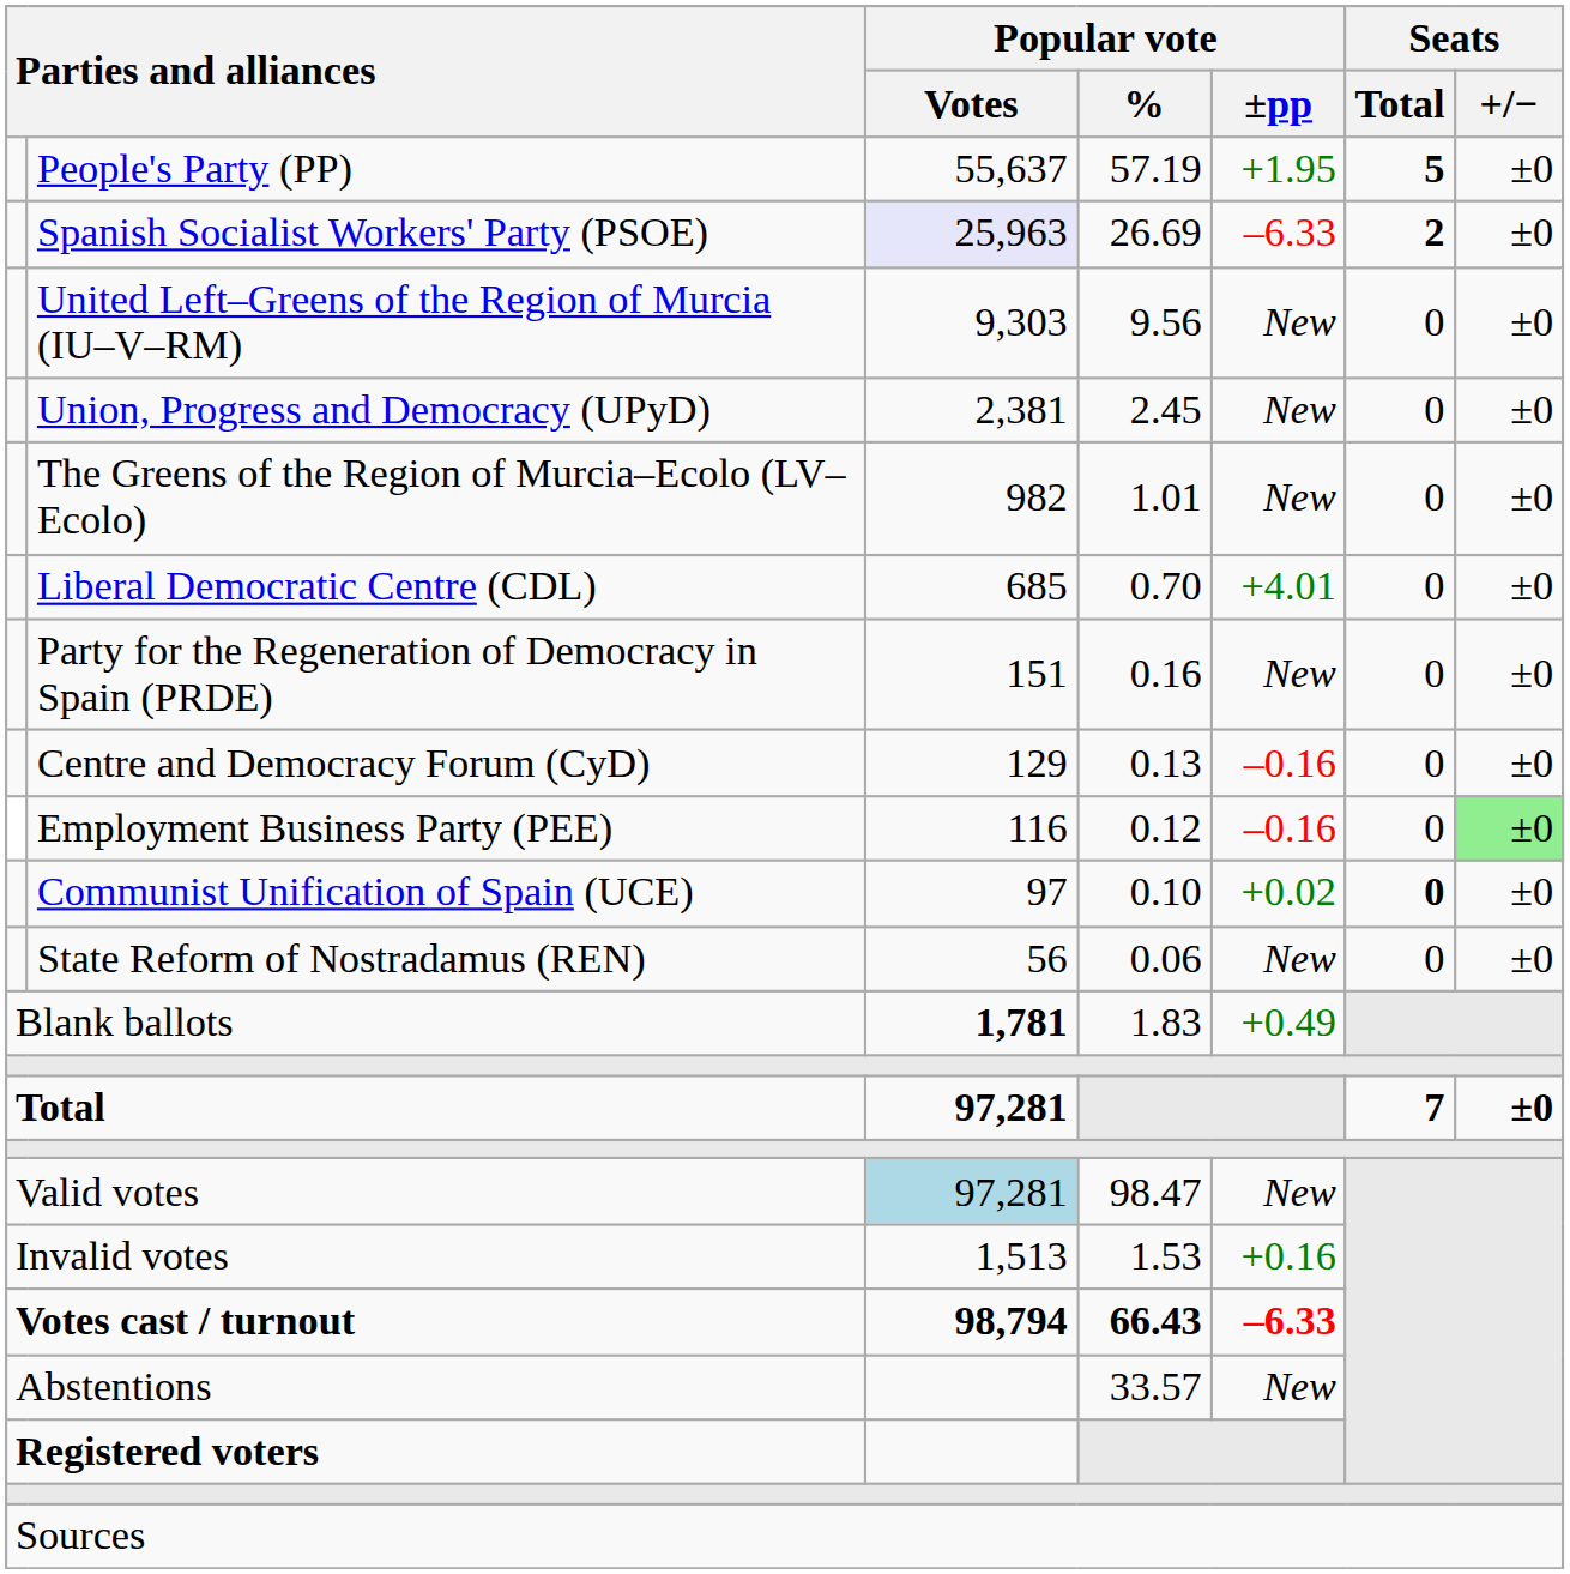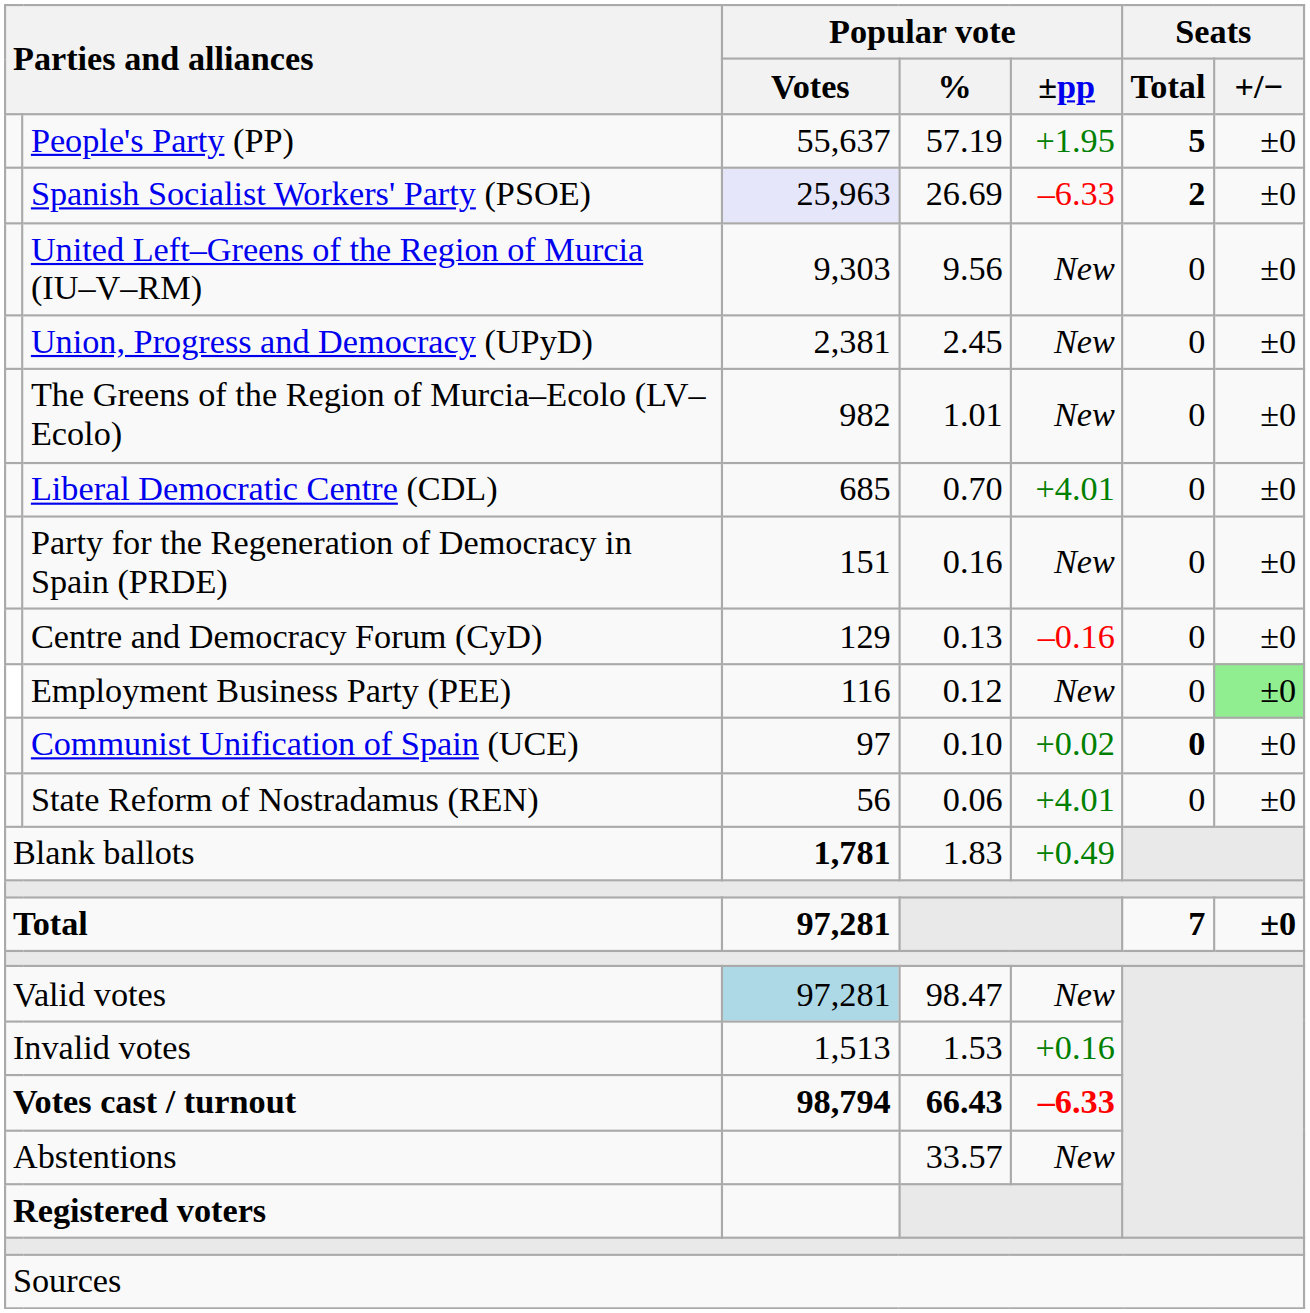 <table class="wikitable" style="text-align:right;">
 <tr>
 <th style="text-align:left;" rowspan="2" colspan="2" width="525">Parties and alliances</th>
 <th colspan="3">Popular vote</th>
 <th colspan="2">Seats</th>
 </tr>
 <tr>
 <th width="75">Votes</th>
 <th width="45">%</th>
 <th width="45">±<a href='#'>pp</a></th>
 <th width="35">Total</th>
 <th width="35">+/−</th>
 </tr>
 <tr>
 <td width="1" style="color:inherit;background:"></td>
 <td align="left"><a href='#'>People's Party</a> (PP)</td>
 <td>55,637</td>
 <td>57.19</td>
 <td style="color:green;">+1.95</td>
 <td><strong>5</strong></td>
 <td>±0</td>
 </tr>
 <tr>
 <td style="color:inherit;background:"></td>
 <td align="left"><a href='#'>Spanish Socialist Workers' Party</a> (PSOE)</td>
 <td style="background: lavender;">25,963</td>
 <td>26.69</td>
 <td style="color:red;">–6.33</td>
 <td><strong>2</strong></td>
 <td>±0</td>
 </tr>
 <tr>
 <td style="color:inherit;background:"></td>
 <td align="left"><a href='#'>United Left–Greens of the Region of Murcia</a> (IU–V–RM)</td>
 <td>9,303</td>
 <td>9.56</td>
 <td><em>New</em></td>
 <td>0</td>
 <td>±0</td>
 </tr>
 <tr>
 <td style="color:inherit;background:"></td>
 <td align="left"><a href='#'>Union, Progress and Democracy</a> (UPyD)</td>
 <td>2,381</td>
 <td>2.45</td>
 <td><em>New</em></td>
 <td>0</td>
 <td>±0</td>
 </tr>
 <tr>
 <td style="color:inherit;background:"></td>
 <td align="left">The Greens of the Region of Murcia–Ecolo (LV–Ecolo)</td>
 <td>982</td>
 <td>1.01</td>
 <td><em>New</em></td>
 <td>0</td>
 <td>±0</td>
 </tr>
 <tr>
 <td style="color:inherit;background:"></td>
 <td align="left"><a href='#'>Liberal Democratic Centre</a> (CDL)</td>
 <td>685</td>
 <td>0.70</td>
 <td style="color:green;">+4.01</td>
 <td>0</td>
 <td>±0</td>
 </tr>
 <tr>
 <td style="color:inherit;background:"></td>
 <td align="left">Party for the Regeneration of Democracy in Spain (PRDE)</td>
 <td>151</td>
 <td>0.16</td>
 <td><em>New</em></td>
 <td>0</td>
 <td>±0</td>
 </tr>
 <tr>
 <td style="color:inherit;background:"></td>
 <td align="left">Centre and Democracy Forum (CyD)</td>
 <td>129</td>
 <td>0.13</td>
 <td style="color:red;">–0.16</td>
 <td>0</td>
 <td>±0</td>
 </tr>
 <tr>
 <td bgcolor="white"></td>
 <td align="left">Employment Business Party (PEE)</td>
 <td>116</td>
 <td>0.12</td>
-<td style="color:red;">–0.16</td>
+<td><em>New</em></td>
 <td>0</td>
 <td style="background: lightgreen;">±0</td>
 </tr>
 <tr>
 <td style="color:inherit;background:"></td>
 <td align="left"><a href='#'>Communist Unification of Spain</a> (UCE)</td>
 <td>97</td>
 <td>0.10</td>
 <td style="color:green;">+0.02</td>
 <td><strong>0</strong></td>
 <td>±0</td>
 </tr>
 <tr>
 <td style="color:inherit;background:"></td>
 <td align="left">State Reform of Nostradamus (REN)</td>
 <td>56</td>
 <td>0.06</td>
-<td><em>New</em></td>
+<td style="color:green;">+4.01</td>
 <td>0</td>
 <td>±0</td>
 </tr>
 <tr>
 <td align="left" colspan="2">Blank ballots</td>
 <td><strong>1,781</strong></td>
 <td>1.83</td>
 <td style="color:green;">+0.49</td>
 <td bgcolor="#E9E9E9" colspan="2"></td>
 </tr>
 <tr>
 <td colspan="7" bgcolor="#E9E9E9"></td>
 </tr>
 <tr style="font-weight:bold;">
 <td align="left" colspan="2">Total</td>
 <td>97,281</td>
 <td bgcolor="#E9E9E9" colspan="2"></td>
 <td>7</td>
 <td>±0</td>
 </tr>
 <tr>
 <td colspan="7" bgcolor="#E9E9E9"></td>
 </tr>
 <tr>
 <td align="left" colspan="2">Valid votes</td>
 <td style="background: lightblue;">97,281</td>
 <td>98.47</td>
 <td><em>New</em></td>
 <td bgcolor="#E9E9E9" colspan="2" rowspan="5"></td>
 </tr>
 <tr>
 <td align="left" colspan="2">Invalid votes</td>
 <td>1,513</td>
 <td>1.53</td>
 <td style="color:green;">+0.16</td>
 </tr>
 <tr style="font-weight:bold;">
 <td align="left" colspan="2">Votes cast / turnout</td>
 <td>98,794</td>
 <td>66.43</td>
 <td style="color:red;">–6.33</td>
 </tr>
 <tr>
 <td align="left" colspan="2">Abstentions</td>
 <td></td>
 <td>33.57</td>
 <td><em>New</em></td>
 </tr>
 <tr style="font-weight:bold;">
 <td align="left" colspan="2">Registered voters</td>
 <td></td>
 <td bgcolor="#E9E9E9" colspan="2"></td>
 </tr>
 <tr>
 <td colspan="7" bgcolor="#E9E9E9"></td>
 </tr>
 <tr>
 <td align="left" colspan="7">Sources</td>
 </tr>
 </table>
